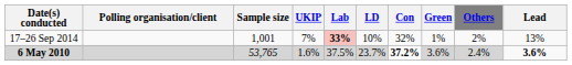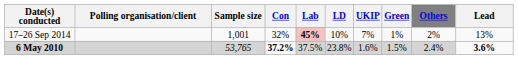 <table class="wikitable sortable" style="text-align:center;font-size:90%;line-height:14px">
 <tr>
 <th ! style="width:100px;">Date(s)<br>conducted</th>
 <th style="width:200px;">Polling organisation/client</th>
 <th class="unsortable" style="width:75px;">Sample size</th>
-<th class="unsortable" style="background:"><a href='#'><span>UKIP</span></a></th>
+<th class="unsortable" style="background:"><a href='#'><span>Con</span></a></th>
 <th class="unsortable" style="background:"><a href='#'><span>Lab</span></a></th>
 <th class="unsortable" style="background:"><a href='#'><span>LD</span></a></th>
-<th class="unsortable" style="background:"><a href='#'><span>Con</span></a></th>
+<th class="unsortable" style="background:"><a href='#'><span>UKIP</span></a></th>
 <th class="unsortable" style="background:"><a href='#'><span>Green</span></a></th>
 <th class="unsortable" style="background:gray; width:60px;"><a href='#'><span>Others</span></a></th>
 <th class="unsortable" style="width:80px;">Lead</th>
 </tr>
 <tr>
 <td>17–26 Sep 2014</td>
 <td> </td>
 <td>1,001</td>
+<td>32%</td>
+<td style="background:#F8C1BE"><strong>45%</strong></td>
+<td>10%</td>
 <td>7%</td>
-<td style="background:#F8C1BE"><strong>33%</strong></td>
-<td>10%</td>
-<td>32%</td>
 <td>1%</td>
 <td>2%</td>
 <td style="background:">13%</td>
 </tr>
 <tr>
 <td style="background:#D5D5D5"><strong>6 May 2010</strong></td>
 <td style="background:#D5D5D5"></td>
 <td style="background:#D5D5D5"><em>53,765</em></td>
+<td style="background:"><strong>37.2%</strong></td>
+<td style="background:#D5D5D5">37.5%</td>
+<td style="background:#D5D5D5">23.8%</td>
 <td style="background:#D5D5D5">1.6%</td>
-<td style="background:#D5D5D5">37.5%</td>
-<td style="background:#D5D5D5">23.7%</td>
-<td style="background:"><strong>37.2%</strong></td>
-<td style="background:#D5D5D5">3.6%</td>
+<td style="background:#D5D5D5">1.5%</td>
 <td style="background:#D5D5D5">2.4%</td>
 <td style="background:"><strong>3.6% </strong></td>
 </tr>
 </table>
